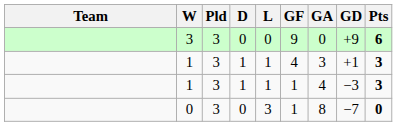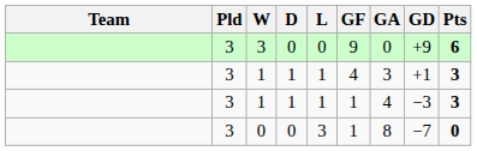 <table class="wikitable" style="text-align:center;">
 <tr>
 <th width=180>Team</th>
+<th width=20>Pld</th>
 <th width=20>W</th>
-<th width=20>Pld</th>
 <th width=20>D</th>
 <th width=20>L</th>
 <th width=20>GF</th>
 <th width=20>GA</th>
 <th width=20>GD</th>
 <th width=20>Pts</th>
 </tr>
 <tr bgcolor="ccffcc">
 <td align="left"></td>
 <td>3</td>
 <td>3</td>
 <td>0</td>
 <td>0</td>
 <td>9</td>
 <td>0</td>
 <td>+9</td>
 <td><strong>6</strong></td>
 </tr>
 <tr>
 <td align="left"></td>
+<td>3</td>
 <td>1</td>
-<td>3</td>
 <td>1</td>
 <td>1</td>
 <td>4</td>
 <td>3</td>
 <td>+1</td>
 <td><strong>3</strong></td>
 </tr>
 <tr>
 <td align="left"></td>
+<td>3</td>
 <td>1</td>
-<td>3</td>
 <td>1</td>
 <td>1</td>
 <td>1</td>
 <td>4</td>
 <td>−3</td>
 <td><strong>3</strong></td>
 </tr>
 <tr>
 <td align="left"></td>
+<td>3</td>
 <td>0</td>
-<td>3</td>
 <td>0</td>
 <td>3</td>
 <td>1</td>
 <td>8</td>
 <td>−7</td>
 <td><strong>0</strong></td>
 </tr>
 </table>
